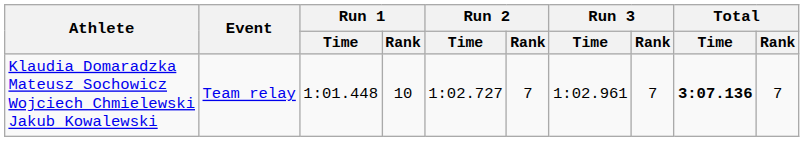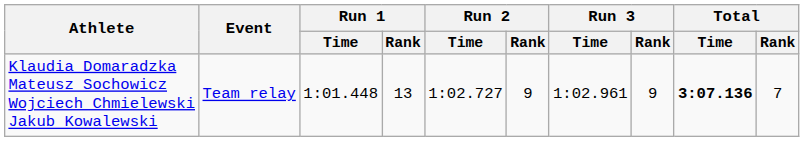 <table class="wikitable" style="font-size:90%; text-align:center">
 <tr>
 <th rowspan=2>Athlete</th>
 <th rowspan=2>Event</th>
 <th colspan=2>Run 1</th>
 <th colspan=2>Run 2</th>
 <th colspan=2>Run 3</th>
 <th colspan=2>Total</th>
 </tr>
 <tr style="font-size:95%">
 <th>Time</th>
 <th>Rank</th>
 <th>Time</th>
 <th>Rank</th>
 <th>Time</th>
 <th>Rank</th>
 <th>Time</th>
 <th>Rank</th>
 </tr>
 <tr>
 <td align=left><a href='#'>Klaudia Domaradzka</a><br><a href='#'>Mateusz Sochowicz</a><br><a href='#'>Wojciech Chmielewski</a><br><a href='#'>Jakub Kowalewski</a></td>
 <td align=left><a href='#'>Team relay</a></td>
 <td>1:01.448</td>
-<td>10</td>
+<td>13</td>
 <td>1:02.727</td>
-<td>7</td>
+<td>9</td>
 <td>1:02.961</td>
-<td>7</td>
+<td>9</td>
 <td><strong>3:07.136</strong></td>
 <td>7</td>
 </tr>
 </table>
